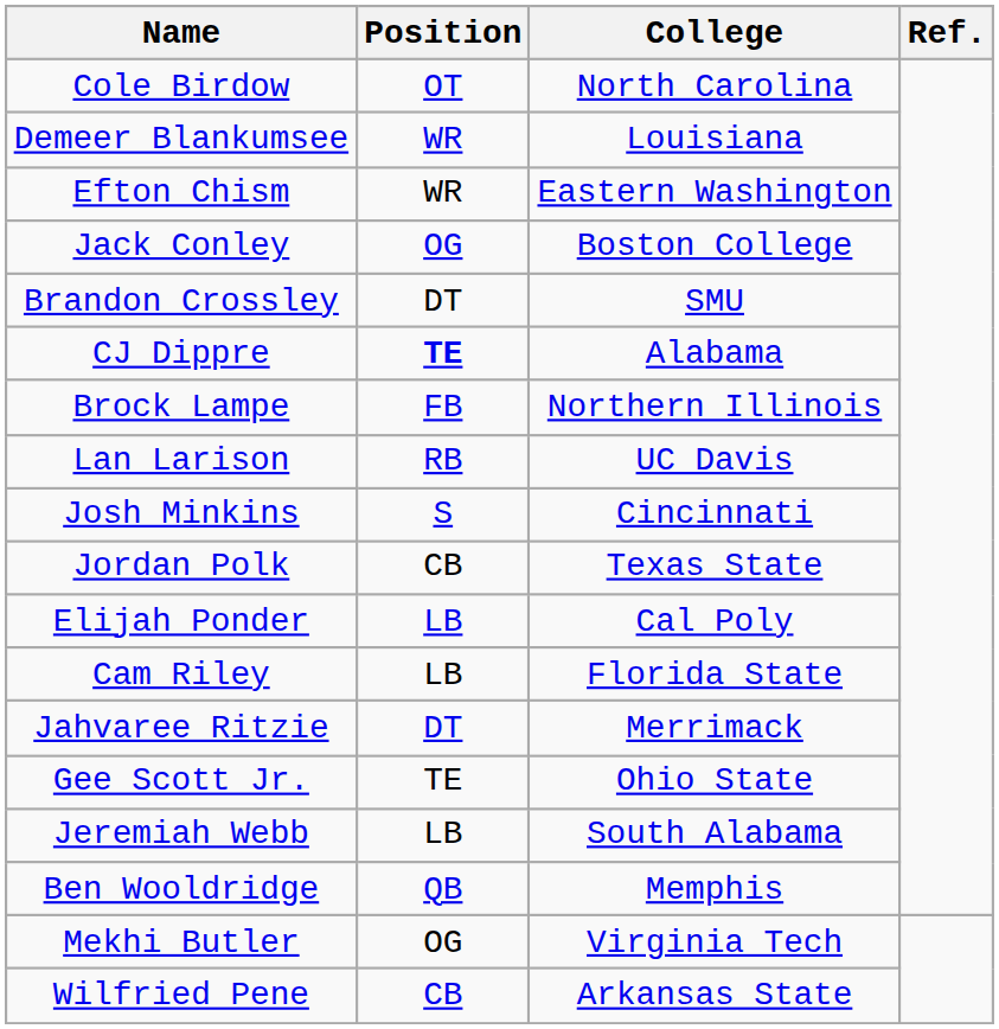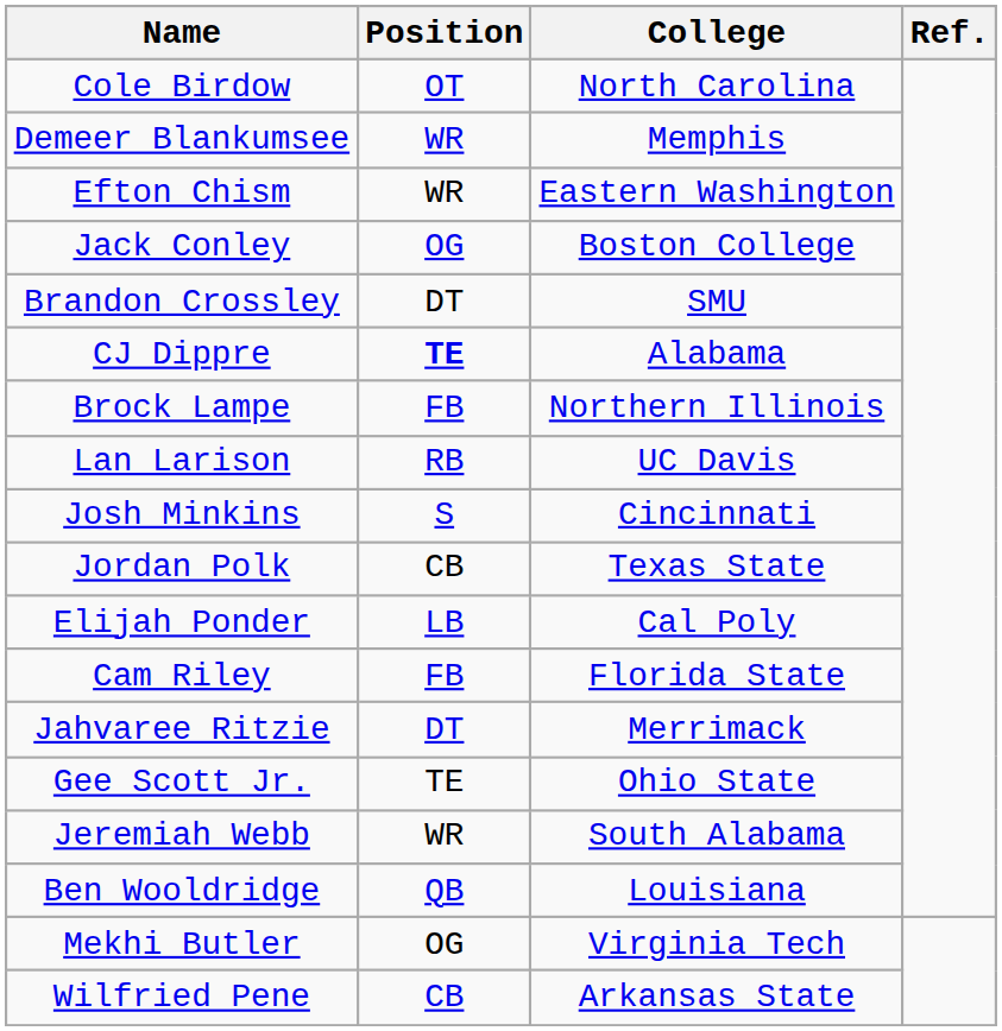 <table class="wikitable" style="text-align:center">
 <tr>
 <th>Name</th>
 <th>Position</th>
 <th>College</th>
 <th>Ref.</th>
 </tr>
 <tr>
 <td><a href='#'>Cole Birdow</a></td>
 <td><a href='#'>OT</a></td>
 <td><a href='#'>North Carolina</a></td>
 <td rowspan="16"></td>
 </tr>
 <tr>
 <td><a href='#'>Demeer Blankumsee</a></td>
 <td><a href='#'>WR</a></td>
-<td><a href='#'>Louisiana</a></td>
+<td><a href='#'>Memphis</a></td>
 </tr>
 <tr>
 <td><a href='#'>Efton Chism</a></td>
 <td>WR</td>
 <td><a href='#'>Eastern Washington</a></td>
 </tr>
 <tr>
 <td><a href='#'>Jack Conley</a></td>
 <td><a href='#'>OG</a></td>
 <td><a href='#'>Boston College</a></td>
 </tr>
 <tr>
 <td><a href='#'>Brandon Crossley</a></td>
 <td>DT</td>
 <td><a href='#'>SMU</a></td>
 </tr>
 <tr>
 <td><a href='#'>CJ Dippre</a></td>
 <td><strong><a href='#'>TE</a></strong></td>
 <td><a href='#'>Alabama</a></td>
 </tr>
 <tr>
 <td><a href='#'>Brock Lampe</a></td>
 <td><a href='#'>FB</a></td>
 <td><a href='#'>Northern Illinois</a></td>
 </tr>
 <tr>
 <td><a href='#'>Lan Larison</a></td>
 <td><a href='#'>RB</a></td>
 <td><a href='#'>UC Davis</a></td>
 </tr>
 <tr>
 <td><a href='#'>Josh Minkins</a></td>
 <td><a href='#'>S</a></td>
 <td><a href='#'>Cincinnati</a></td>
 </tr>
 <tr>
 <td><a href='#'>Jordan Polk</a></td>
 <td>CB</td>
 <td><a href='#'>Texas State</a></td>
 </tr>
 <tr>
 <td><a href='#'>Elijah Ponder</a></td>
 <td><a href='#'>LB</a></td>
 <td><a href='#'>Cal Poly</a></td>
 </tr>
 <tr>
 <td><a href='#'>Cam Riley</a></td>
-<td>LB</td>
+<td><a href='#'>FB</a></td>
 <td><a href='#'>Florida State</a></td>
 </tr>
 <tr>
 <td><a href='#'>Jahvaree Ritzie</a></td>
 <td><a href='#'>DT</a></td>
 <td><a href='#'>Merrimack</a></td>
 </tr>
 <tr>
 <td><a href='#'>Gee Scott Jr.</a></td>
 <td>TE</td>
 <td><a href='#'>Ohio State</a></td>
 </tr>
 <tr>
 <td><a href='#'>Jeremiah Webb</a></td>
-<td>LB</td>
+<td>WR</td>
 <td><a href='#'>South Alabama</a></td>
 </tr>
 <tr>
 <td><a href='#'>Ben Wooldridge</a></td>
 <td><a href='#'>QB</a></td>
-<td><a href='#'>Memphis</a></td>
+<td><a href='#'>Louisiana</a></td>
 </tr>
 <tr>
 <td><a href='#'>Mekhi Butler</a></td>
 <td>OG</td>
 <td><a href='#'>Virginia Tech</a></td>
 <td rowspan="2"></td>
 </tr>
 <tr>
 <td><a href='#'>Wilfried Pene</a></td>
 <td><a href='#'>CB</a></td>
 <td><a href='#'>Arkansas State</a></td>
 </tr>
 <tr>
 </tr>
 </table>
